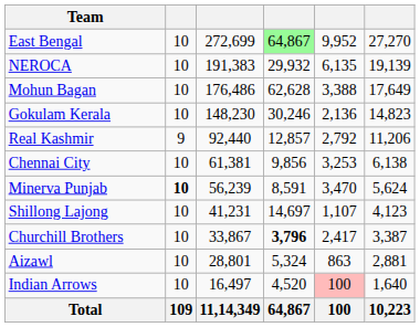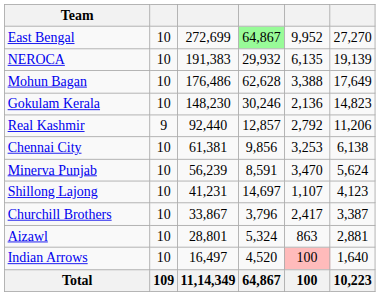 <table class="wikitable sortable">
 <tr>
 <th width=160>Team</th>
 <th></th>
 <th width=45></th>
 <th width=45></th>
 <th width=45></th>
 <th width=45></th>
 </tr>
 <tr>
 <td><a href='#'>East Bengal</a></td>
 <td align=center>10</td>
 <td align=center>272,699</td>
 <td align=center bgcolor="#98FB98">64,867</td>
 <td align=center>9,952</td>
 <td align=center>27,270<br></td>
 </tr>
 <tr>
 <td><a href='#'>NEROCA</a></td>
 <td align=center>10</td>
 <td align=center>191,383</td>
 <td align=center>29,932</td>
 <td align=center>6,135</td>
 <td align=center>19,139<br></td>
 </tr>
 <tr>
 <td><a href='#'>Mohun Bagan</a></td>
 <td align=center>10</td>
 <td align=center>176,486</td>
 <td align=center>62,628</td>
 <td align=center>3,388</td>
 <td align=center>17,649<br></td>
 </tr>
 <tr>
 <td><a href='#'>Gokulam Kerala</a></td>
 <td align=center>10</td>
 <td align=center>148,230</td>
 <td align=center>30,246</td>
 <td align=center>2,136</td>
 <td align=center>14,823<br></td>
 </tr>
 <tr>
 <td><a href='#'>Real Kashmir</a></td>
 <td align=center>9</td>
 <td align=center>92,440</td>
 <td align=center>12,857</td>
 <td align=center>2,792</td>
 <td align=center>11,206<br></td>
 </tr>
 <tr>
 <td><a href='#'>Chennai City</a></td>
 <td align=center>10</td>
 <td align=center>61,381</td>
 <td align=center>9,856</td>
 <td align=center>3,253</td>
 <td align=center>6,138<br></td>
 </tr>
 <tr>
 <td><a href='#'>Minerva Punjab</a></td>
-<td align=center><strong>10</strong></td>
+<td align=center>10</td>
 <td align=center>56,239</td>
 <td align=center>8,591</td>
 <td align=center>3,470</td>
 <td align=center>5,624<br></td>
 </tr>
 <tr>
 <td><a href='#'>Shillong Lajong</a></td>
 <td align=center>10</td>
 <td align=center>41,231</td>
 <td align=center>14,697</td>
 <td align=center>1,107</td>
 <td align=center>4,123<br></td>
 </tr>
 <tr>
 <td><a href='#'>Churchill Brothers</a></td>
 <td align=center>10</td>
 <td align=center>33,867</td>
-<td align=center><strong>3,796</strong></td>
+<td align=center>3,796</td>
 <td align=center>2,417</td>
 <td align=center>3,387<br></td>
 </tr>
 <tr>
 <td><a href='#'>Aizawl</a></td>
 <td align=center>10</td>
 <td align=center>28,801</td>
 <td align=center>5,324</td>
 <td align=center>863</td>
 <td align=center>2,881<br></td>
 </tr>
 <tr>
 <td><a href='#'>Indian Arrows</a></td>
 <td align=center>10</td>
 <td align=center>16,497</td>
 <td align=center>4,520</td>
 <td align=center bgcolor="#FFBBBB">100</td>
 <td align=center>1,640<br></td>
 </tr>
 <tr>
 <th>Total</th>
 <th align=center>109</th>
 <th align=center>11,14,349</th>
 <th align=center>64,867</th>
 <th align=center>100</th>
 <th align=center>10,223</th>
 </tr>
 </table>
